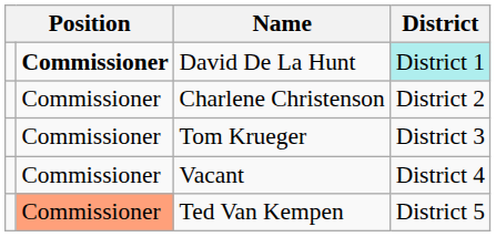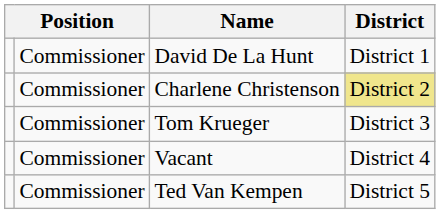 <table class="wikitable">
 <tr>
 <th colspan="2">Position</th>
 <th>Name</th>
 <th>District</th>
 </tr>
 <tr>
 <td></td>
-<td><strong>Commissioner</strong></td>
+<td>Commissioner</td>
 <td>David De La Hunt</td>
-<td style="background: paleturquoise;">District 1</td>
+<td>District 1</td>
 </tr>
 <tr>
 <td></td>
 <td>Commissioner</td>
 <td>Charlene Christenson</td>
-<td>District 2</td>
+<td style="background: khaki;">District 2</td>
 </tr>
 <tr>
 <td></td>
 <td>Commissioner</td>
 <td>Tom Krueger</td>
 <td>District 3</td>
 </tr>
 <tr>
 <td></td>
 <td>Commissioner</td>
 <td>Vacant</td>
 <td>District 4</td>
 </tr>
 <tr>
 <td></td>
-<td style="background: lightsalmon;">Commissioner</td>
+<td>Commissioner</td>
 <td>Ted Van Kempen</td>
 <td>District 5</td>
 </tr>
 </table>
